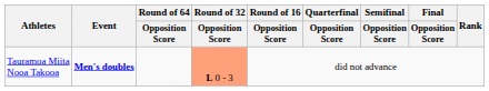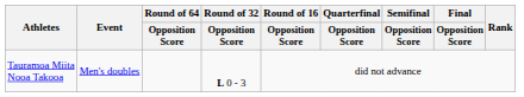 <table class="wikitable" style="font-size:90%">
 <tr>
 <th rowspan=2>Athletes</th>
 <th rowspan=2>Event</th>
 <th>Round of 64</th>
 <th>Round of 32</th>
 <th>Round of 16</th>
 <th>Quarterfinal</th>
 <th>Semifinal</th>
 <th>Final</th>
 <th rowspan=2>Rank</th>
 </tr>
 <tr style="font-size:95%">
 <th>Opposition<br>Score</th>
 <th>Opposition<br>Score</th>
 <th>Opposition<br>Score</th>
 <th>Opposition<br>Score</th>
 <th>Opposition<br>Score</th>
 <th>Opposition<br>Score</th>
 </tr>
 <tr align=center>
 <td align=left><a href='#'>Tauramoa Miita</a><br><a href='#'>Nooa Takooa</a></td>
-<td align=left><strong><a href='#'>Men's doubles</a></strong></td>
+<td align=left><a href='#'>Men's doubles</a></td>
 <td></td>
-<td style="background: lightsalmon;"><br><br> <strong>L</strong> 0 - 3</td>
+<td><br><br> <strong>L</strong> 0 - 3</td>
 <td Colspan=5>did not advance</td>
 </tr>
 </table>
